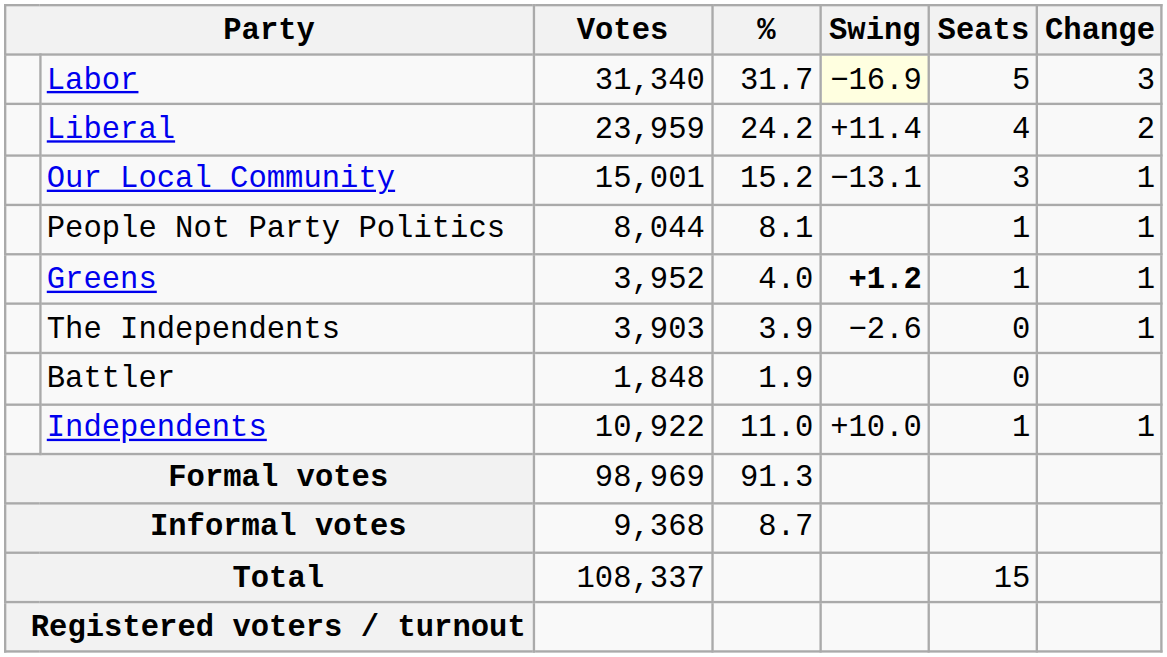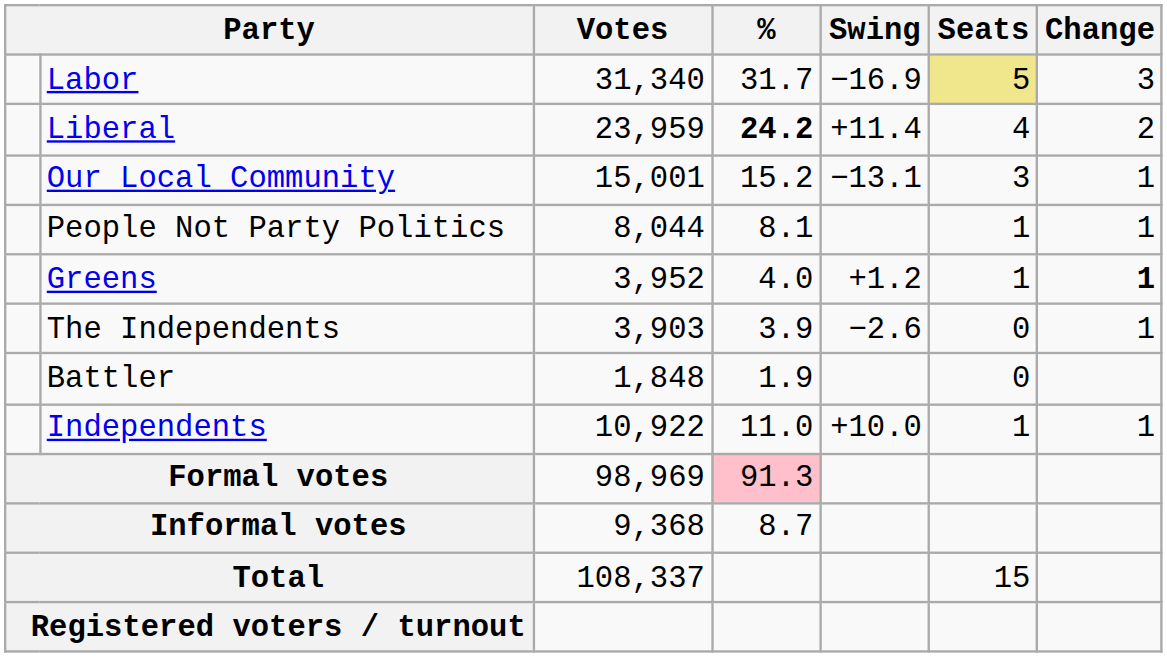 <table class="wikitable" style="text-align:right; margin-bottom:0">
 <tr>
 <th style="width:10px" colspan=3>Party</th>
 <th style="width:70px;">Votes</th>
 <th style="width:40px;">%</th>
 <th style="width:40px;">Swing</th>
 <th style="width:40px;">Seats</th>
 <th style="width:40px;">Change</th>
 </tr>
 <tr>
 <td> </td>
 <td style="text-align:left;" colspan="2"><a href='#'>Labor</a></td>
 <td>31,340</td>
 <td>31.7</td>
-<td style="background: lightyellow;">−16.9</td>
-<td>5</td>
+<td>−16.9</td>
+<td style="background: khaki;">5</td>
 <td> 3</td>
 </tr>
 <tr>
 <td> </td>
 <td style="text-align:left;" colspan="2"><a href='#'>Liberal</a></td>
 <td>23,959</td>
-<td>24.2</td>
+<td><strong>24.2</strong></td>
 <td>+11.4</td>
 <td>4</td>
 <td> 2</td>
 </tr>
 <tr>
 <td> </td>
 <td style="text-align:left;" colspan="2"><a href='#'>Our Local Community</a></td>
 <td>15,001</td>
 <td>15.2</td>
 <td>−13.1</td>
 <td>3</td>
 <td> 1</td>
 </tr>
 <tr>
 <td> </td>
 <td style="text-align:left;" colspan="2">People Not Party Politics</td>
 <td>8,044</td>
 <td>8.1</td>
 <td></td>
 <td>1</td>
 <td> 1</td>
 </tr>
 <tr>
 <td> </td>
 <td style="text-align:left;" colspan="2"><a href='#'>Greens</a></td>
 <td>3,952</td>
 <td>4.0</td>
-<td><strong>+1.2</strong></td>
+<td>+1.2</td>
 <td>1</td>
-<td> 1</td>
+<td><strong> 1</strong></td>
 </tr>
 <tr>
 <td> </td>
 <td style="text-align:left;" colspan="2">The Independents</td>
 <td>3,903</td>
 <td>3.9</td>
 <td>−2.6</td>
 <td>0</td>
 <td> 1</td>
 </tr>
 <tr>
 <td> </td>
 <td style="text-align:left;" colspan="2">Battler</td>
 <td>1,848</td>
 <td>1.9</td>
 <td></td>
 <td>0</td>
 <td></td>
 </tr>
 <tr>
 <td> </td>
 <td style="text-align:left;" colspan="2"><a href='#'>Independents</a></td>
 <td>10,922</td>
 <td>11.0</td>
 <td>+10.0</td>
 <td>1</td>
 <td> 1</td>
 </tr>
 <tr>
 <th colspan="3" rowspan="1"> Formal votes</th>
 <td>98,969</td>
-<td>91.3</td>
+<td style="background: pink;">91.3</td>
 <td></td>
 <td></td>
 <td></td>
 </tr>
 <tr>
 <th colspan="3" rowspan="1"> Informal votes</th>
 <td>9,368</td>
 <td>8.7</td>
 <td></td>
 <td></td>
 <td></td>
 </tr>
 <tr>
 <th colspan="3" rowspan="1"> <strong>Total </strong></th>
 <td>108,337</td>
 <td></td>
 <td></td>
 <td>15</td>
 <td></td>
 </tr>
 <tr>
 <th colspan="3" rowspan="1"> Registered voters / turnout</th>
 <td></td>
 <td></td>
 <td></td>
 <td></td>
 <td></td>
 </tr>
 </table>
